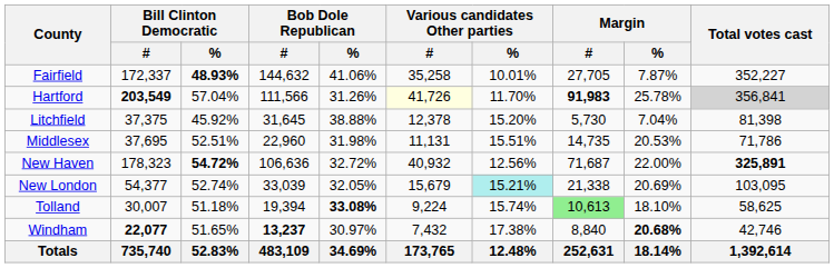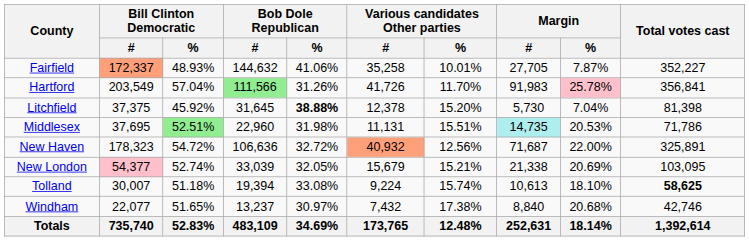 <table width="60%"  class="wikitable sortable" style="text-align:center">
 <tr>
 <th style="text-align:center;" rowspan="2">County</th>
 <th style="text-align:center;" colspan="2">Bill Clinton<br>Democratic</th>
 <th style="text-align:center;" colspan="2">Bob Dole<br>Republican</th>
 <th style="text-align:center;" colspan="2">Various candidates<br>Other parties</th>
 <th style="text-align:center;" colspan="2">Margin</th>
 <th style="text-align:center;" rowspan="2">Total votes cast</th>
 </tr>
 <tr>
 <th style="text-align:center;" data-sort-type="number">#</th>
 <th style="text-align:center;" data-sort-type="number">%</th>
 <th style="text-align:center;" data-sort-type="number">#</th>
 <th style="text-align:center;" data-sort-type="number">%</th>
 <th style="text-align:center;" data-sort-type="number">#</th>
 <th style="text-align:center;" data-sort-type="number">%</th>
 <th style="text-align:center;" data-sort-type="number">#</th>
 <th style="text-align:center;" data-sort-type="number">%</th>
 </tr>
 <tr style="text-align:center;">
 <td><a href='#'>Fairfield</a></td>
-<td>172,337</td>
-<td><strong>48.93%</strong></td>
+<td style="background: lightsalmon;">172,337</td>
+<td>48.93%</td>
 <td>144,632</td>
 <td>41.06%</td>
 <td>35,258</td>
 <td>10.01%</td>
 <td>27,705</td>
 <td>7.87%</td>
 <td>352,227</td>
 </tr>
 <tr style="text-align:center;">
 <td><a href='#'>Hartford</a></td>
-<td><strong>203,549</strong></td>
+<td>203,549</td>
 <td>57.04%</td>
-<td>111,566</td>
+<td style="background: lightgreen;">111,566</td>
 <td>31.26%</td>
-<td style="background: lightyellow;">41,726</td>
+<td>41,726</td>
 <td>11.70%</td>
-<td><strong>91,983</strong></td>
-<td>25.78%</td>
-<td style="background: lightgrey;">356,841</td>
+<td>91,983</td>
+<td style="background: pink;">25.78%</td>
+<td>356,841</td>
 </tr>
 <tr style="text-align:center;">
 <td><a href='#'>Litchfield</a></td>
 <td>37,375</td>
 <td>45.92%</td>
 <td>31,645</td>
-<td>38.88%</td>
+<td><strong>38.88%</strong></td>
 <td>12,378</td>
 <td>15.20%</td>
 <td>5,730</td>
 <td>7.04%</td>
 <td>81,398</td>
 </tr>
 <tr style="text-align:center;">
 <td><a href='#'>Middlesex</a></td>
 <td>37,695</td>
-<td>52.51%</td>
+<td style="background: lightgreen;">52.51%</td>
 <td>22,960</td>
 <td>31.98%</td>
 <td>11,131</td>
 <td>15.51%</td>
-<td>14,735</td>
+<td style="background: paleturquoise;">14,735</td>
 <td>20.53%</td>
 <td>71,786</td>
 </tr>
 <tr style="text-align:center;">
 <td><a href='#'>New Haven</a></td>
 <td>178,323</td>
-<td><strong>54.72%</strong></td>
+<td>54.72%</td>
 <td>106,636</td>
 <td>32.72%</td>
-<td>40,932</td>
+<td style="background: lightsalmon;">40,932</td>
 <td>12.56%</td>
 <td>71,687</td>
 <td>22.00%</td>
-<td><strong>325,891</strong></td>
+<td>325,891</td>
 </tr>
 <tr style="text-align:center;">
 <td><a href='#'>New London</a></td>
-<td>54,377</td>
+<td style="background: pink;">54,377</td>
 <td>52.74%</td>
 <td>33,039</td>
 <td>32.05%</td>
 <td>15,679</td>
-<td style="background: paleturquoise;">15.21%</td>
+<td>15.21%</td>
 <td>21,338</td>
 <td>20.69%</td>
 <td>103,095</td>
 </tr>
 <tr style="text-align:center;">
 <td><a href='#'>Tolland</a></td>
 <td>30,007</td>
 <td>51.18%</td>
 <td>19,394</td>
-<td><strong>33.08%</strong></td>
+<td>33.08%</td>
 <td>9,224</td>
 <td>15.74%</td>
-<td style="background: lightgreen;">10,613</td>
+<td>10,613</td>
 <td>18.10%</td>
-<td>58,625</td>
+<td><strong>58,625</strong></td>
 </tr>
 <tr style="text-align:center;">
 <td><a href='#'>Windham</a></td>
-<td><strong>22,077</strong></td>
+<td>22,077</td>
 <td>51.65%</td>
-<td><strong>13,237</strong></td>
+<td>13,237</td>
 <td>30.97%</td>
 <td>7,432</td>
 <td>17.38%</td>
 <td>8,840</td>
-<td><strong>20.68%</strong></td>
+<td>20.68%</td>
 <td>42,746</td>
 </tr>
 <tr>
 <th>Totals</th>
 <th>735,740</th>
 <th>52.83%</th>
 <th>483,109</th>
 <th>34.69%</th>
 <th>173,765</th>
 <th>12.48%</th>
 <th>252,631</th>
 <th>18.14%</th>
 <th>1,392,614</th>
 </tr>
 </table>
